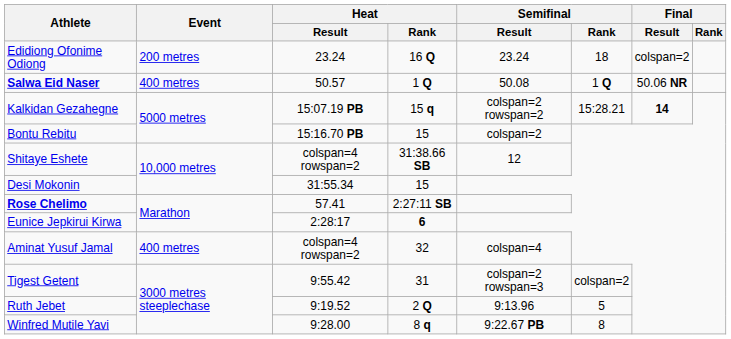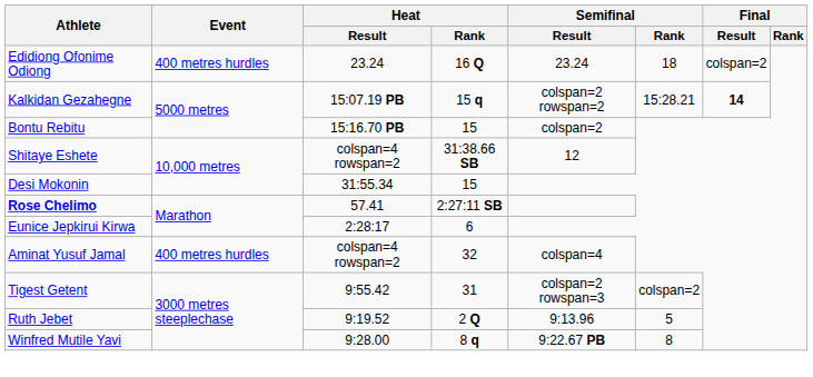 <table class="wikitable" style="font-size:90%">
 <tr>
 <th rowspan="2">Athlete</th>
 <th rowspan="2">Event</th>
 <th colspan="2">Heat</th>
 <th colspan="2">Semifinal</th>
 <th colspan="2">Final</th>
 </tr>
 <tr style="font-size:95%">
 <th>Result</th>
 <th>Rank</th>
 <th>Result</th>
 <th>Rank</th>
 <th>Result</th>
 <th>Rank</th>
 </tr>
 <tr style=text-align:center>
 <td style=text-align:left><a href='#'>Edidiong Ofonime Odiong</a></td>
-<td style=text-align:left><a href='#'>200 metres</a></td>
+<td style=text-align:left><a href='#'>400 metres hurdles</a></td>
 <td>23.24</td>
 <td>16 <strong>Q</strong></td>
 <td>23.24</td>
 <td>18</td>
 <td>colspan=2 </td>
-</tr>
-<tr style=text-align:center>
-<td style=text-align:left><strong><a href='#'>Salwa Eid Naser</a></strong></td>
-<td style=text-align:left><a href='#'>400 metres</a></td>
-<td>50.57</td>
-<td>1 <strong>Q</strong></td>
-<td>50.08</td>
-<td>1 <strong>Q</strong></td>
-<td>50.06 <strong>NR</strong></td>
-<td></td>
 </tr>
 <tr style=text-align:center>
 <td style=text-align:left><a href='#'>Kalkidan Gezahegne</a></td>
 <td style=text-align:left rowspan=2><a href='#'>5000 metres</a></td>
 <td>15:07.19 <strong>PB</strong></td>
 <td>15 <strong>q</strong></td>
 <td>colspan=2 rowspan=2 </td>
 <td>15:28.21</td>
 <td><strong>14</strong></td>
 </tr>
 <tr style=text-align:center>
 <td style=text-align:left><a href='#'>Bontu Rebitu</a></td>
 <td>15:16.70 <strong>PB</strong></td>
 <td>15</td>
 <td>colspan=2 </td>
 </tr>
 <tr style=text-align:center>
 <td style=text-align:left><a href='#'>Shitaye Eshete</a></td>
 <td style=text-align:left rowspan=2><a href='#'>10,000 metres</a></td>
 <td>colspan=4 rowspan=2 </td>
 <td>31:38.66 <strong>SB</strong></td>
 <td>12</td>
 </tr>
 <tr style=text-align:center>
 <td style=text-align:left><a href='#'>Desi Mokonin</a></td>
 <td>31:55.34</td>
 <td>15</td>
 </tr>
 <tr style=text-align:center>
 <td style=text-align:left><strong><a href='#'>Rose Chelimo</a></strong></td>
 <td style=text-align:left rowspan=2><a href='#'>Marathon</a></td>
 <td>57.41</td>
 <td>2:27:11 <strong>SB</strong></td>
 <td></td>
 </tr>
 <tr style=text-align:center>
 <td style=text-align:left><a href='#'>Eunice Jepkirui Kirwa</a></td>
 <td>2:28:17</td>
-<td><strong>6</strong></td>
+<td>6</td>
 </tr>
 <tr style=text-align:center>
 <td style=text-align:left><a href='#'>Aminat Yusuf Jamal</a></td>
-<td style=text-align:left><a href='#'>400 metres</a></td>
+<td style=text-align:left><a href='#'>400 metres hurdles</a></td>
 <td>colspan=4 rowspan=2 </td>
 <td>32</td>
 <td>colspan=4 </td>
 </tr>
 <tr style=text-align:center>
 <td style=text-align:left><a href='#'>Tigest Getent</a></td>
 <td style=text-align:left rowspan=3><a href='#'>3000 metres steeplechase</a></td>
 <td>9:55.42</td>
 <td>31</td>
 <td>colspan=2 rowspan=3 </td>
 <td>colspan=2 </td>
 </tr>
 <tr style=text-align:center>
 <td style=text-align:left><a href='#'>Ruth Jebet</a></td>
 <td>9:19.52</td>
 <td>2 <strong>Q</strong></td>
 <td>9:13.96</td>
 <td>5</td>
 </tr>
 <tr style=text-align:center>
 <td style=text-align:left><a href='#'>Winfred Mutile Yavi</a></td>
 <td>9:28.00</td>
 <td>8 <strong>q</strong></td>
 <td>9:22.67 <strong>PB</strong></td>
 <td>8</td>
 </tr>
 </table>
